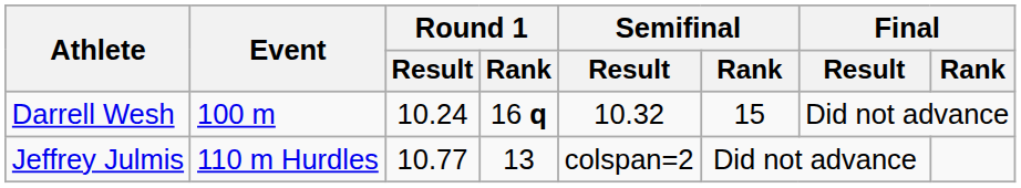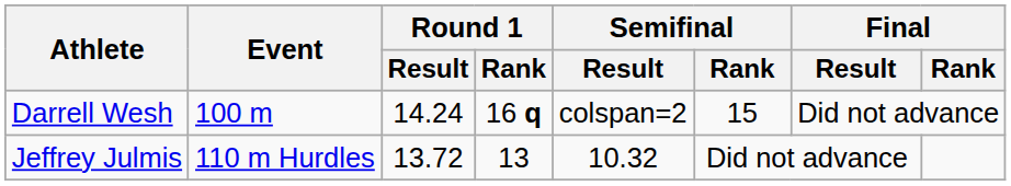 <table class=wikitable style="font-size:90%">
 <tr>
 <th rowspan="2">Athlete</th>
 <th rowspan="2">Event</th>
 <th colspan="2">Round 1</th>
 <th colspan="2">Semifinal</th>
 <th colspan="2">Final</th>
 </tr>
 <tr style="font-size:95%">
 <th>Result</th>
 <th>Rank</th>
 <th>Result</th>
 <th>Rank</th>
 <th>Result</th>
 <th>Rank</th>
 </tr>
 <tr align=center>
 <td align=left><a href='#'>Darrell Wesh</a></td>
 <td align=left><a href='#'>100 m</a></td>
-<td>10.24</td>
+<td>14.24</td>
 <td>16 <strong>q</strong></td>
-<td>10.32</td>
+<td>colspan=2 </td>
 <td>15</td>
 <td colspan=2>Did not advance</td>
 </tr>
 <tr align=center>
 <td align=left><a href='#'>Jeffrey Julmis</a></td>
 <td align=left><a href='#'>110 m Hurdles</a></td>
-<td>10.77</td>
+<td>13.72</td>
 <td>13</td>
-<td>colspan=2 </td>
+<td>10.32</td>
 <td colspan=2>Did not advance</td>
 </tr>
 </table>
